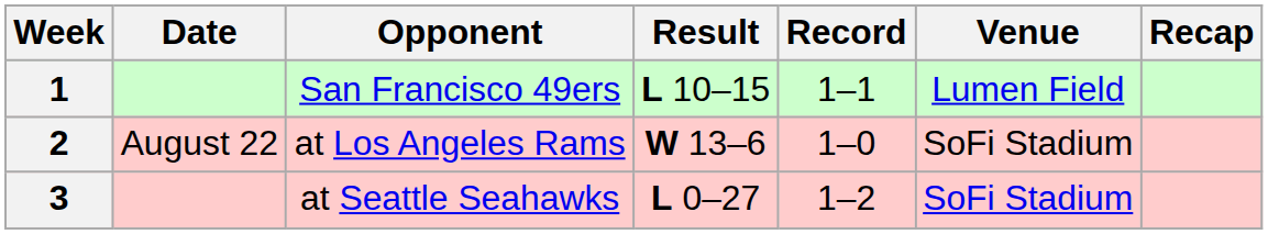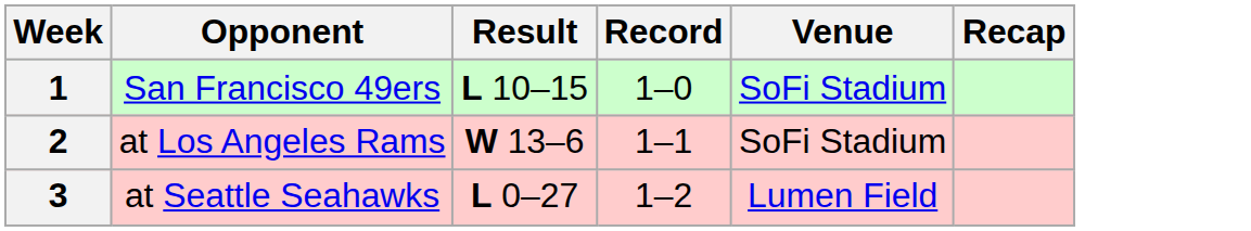 <table class="wikitable" style="text-align:center">
 <tr>
 <th>Week</th>
-<th>Date</th>
 <th>Opponent</th>
 <th>Result</th>
 <th>Record</th>
 <th>Venue</th>
 <th>Recap</th>
 </tr>
 <tr style="background:#cfc">
 <th>1</th>
-<td></td>
 <td><a href='#'>San Francisco 49ers</a></td>
 <td><strong>L</strong> 10–15</td>
-<td>1–1</td>
-<td><a href='#'>Lumen Field</a></td>
+<td>1–0</td>
+<td><a href='#'>SoFi Stadium</a></td>
 <td></td>
 </tr>
 <tr style="background:#fcc">
 <th>2</th>
-<td>August 22</td>
 <td>at <a href='#'>Los Angeles Rams</a></td>
 <td><strong>W</strong> 13–6</td>
-<td>1–0</td>
+<td>1–1</td>
 <td>SoFi Stadium</td>
 <td></td>
 </tr>
 <tr style="background:#fcc">
 <th>3</th>
-<td></td>
 <td>at <a href='#'>Seattle Seahawks</a></td>
 <td><strong>L</strong> 0–27</td>
 <td>1–2</td>
-<td><a href='#'>SoFi Stadium</a></td>
+<td><a href='#'>Lumen Field</a></td>
 <td></td>
 </tr>
 </table>
